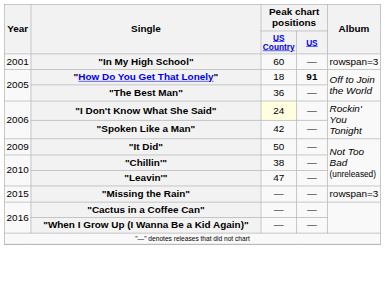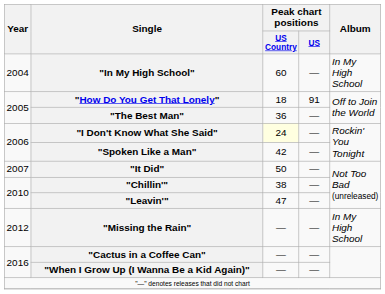 <table class="wikitable plainrowheaders" style="text-align:center;">
 <tr>
 <th rowspan="2">Year</th>
 <th rowspan="2" style="width:24em;">Single</th>
 <th colspan="2">Peak chart<br>positions</th>
 <th rowspan="2">Album</th>
 </tr>
 <tr style="font-size:smaller;">
 <th width="45"><a href='#'>US Country</a></th>
 <th width="45"><a href='#'>US</a></th>
 </tr>
 <tr>
-<td>2001</td>
+<td>2004</td>
 <th scope="row">"In My High School"</th>
 <td>60</td>
 <td>—</td>
-<td>rowspan=3</td>
+<td align="left"><em>In My High School</em></td>
 </tr>
 <tr>
 <td rowspan="2">2005</td>
 <th scope="row">"<a href='#'>How Do You Get That Lonely</a>"</th>
 <td>18</td>
-<td><strong>91</strong></td>
+<td>91</td>
 <td align="left" rowspan="2"><em>Off to Join the World</em></td>
 </tr>
 <tr>
 <th scope="row">"The Best Man"</th>
 <td>36</td>
 <td>—</td>
 </tr>
 <tr>
 <td rowspan="2">2006</td>
 <th scope="row">"I Don't Know What She Said"</th>
 <td style="background: lightyellow;">24</td>
 <td>—</td>
 <td align="left" rowspan="2"><em> Rockin' You Tonight</em></td>
 </tr>
 <tr>
 <th scope="row">"Spoken Like a Man"</th>
 <td>42</td>
 <td>—</td>
 </tr>
 <tr>
-<td>2009</td>
+<td>2007</td>
 <th scope="row">"It Did"</th>
 <td>50</td>
 <td>—</td>
 <td align="left" rowspan="3"><em>Not Too Bad</em> <small>(unreleased)</small></td>
 </tr>
 <tr>
 <td rowspan="2">2010</td>
 <th scope="row">"Chillin'"</th>
 <td>38</td>
 <td>—</td>
 </tr>
 <tr>
 <th scope="row">"Leavin'"</th>
 <td>47</td>
 <td>—</td>
 </tr>
 <tr>
-<td>2015</td>
+<td>2012</td>
 <th scope="row">"Missing the Rain"</th>
 <td>—</td>
 <td>—</td>
-<td>rowspan=3</td>
+<td align="left"><em>In My High School</em></td>
 </tr>
 <tr>
 <td rowspan=2>2016</td>
 <th scope="row">"Cactus in a Coffee Can" </th>
 <td>—</td>
 <td>—</td>
 </tr>
 <tr>
 <th scope="row">"When I Grow Up (I Wanna Be a Kid Again)"</th>
 <td>—</td>
 <td>—</td>
 </tr>
 <tr>
 <td colspan="5" style="font-size:8pt">"—" denotes releases that did not chart</td>
 </tr>
 <tr>
 </tr>
 </table>
